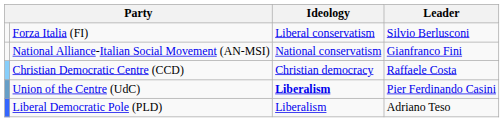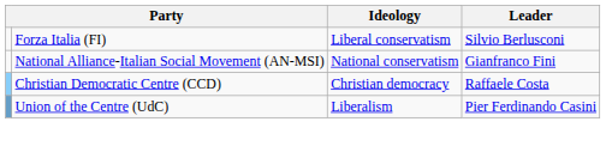 <table class=wikitable style=text-align:left>
 <tr>
 <th colspan=2>Party</th>
 <th>Ideology</th>
 <th>Leader</th>
 </tr>
 <tr>
 <td></td>
 <td><a href='#'>Forza Italia</a> (FI)</td>
 <td><a href='#'>Liberal conservatism</a></td>
 <td><a href='#'>Silvio Berlusconi</a></td>
 </tr>
 <tr>
 <td></td>
 <td><a href='#'>National Alliance</a>-<a href='#'>Italian Social Movement</a> (AN-MSI)</td>
 <td><a href='#'>National conservatism</a></td>
 <td><a href='#'>Gianfranco Fini</a></td>
 </tr>
 <tr>
 <td bgcolor="lightskyblue"></td>
 <td><a href='#'>Christian Democratic Centre</a> (CCD)</td>
 <td><a href='#'>Christian democracy</a></td>
 <td><a href='#'>Raffaele Costa</a></td>
 </tr>
 <tr>
 <td bgcolor="#659EC7"></td>
 <td><a href='#'>Union of the Centre</a> (UdC)</td>
-<td><strong><a href='#'>Liberalism</a></strong></td>
+<td><a href='#'>Liberalism</a></td>
 <td><a href='#'>Pier Ferdinando Casini</a></td>
 </tr>
-<tr>
-<td bgcolor="#3366FF"></td>
-<td><a href='#'>Liberal Democratic Pole</a> (PLD)</td>
-<td><a href='#'>Liberalism</a></td>
-<td>Adriano Teso</td>
-</tr>
 </table>
